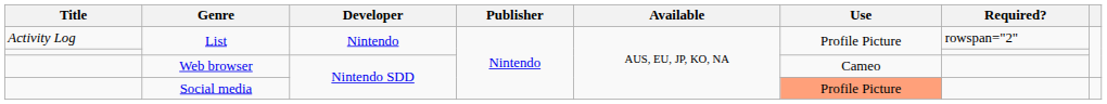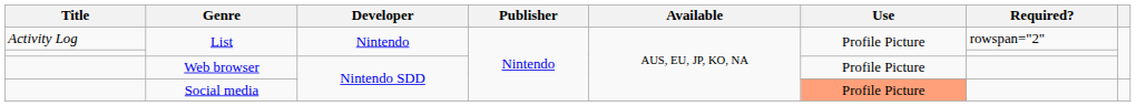 <table class="wikitable sortable" style="width:100%" id="wiiuapplist">
 <tr>
 <th>Title</th>
 <th>Genre</th>
 <th>Developer</th>
 <th>Publisher</th>
 <th>Available</th>
 <th>Use</th>
 <th>Required?</th>
 <th></th>
 </tr>
 <tr>
 <td><em>Activity Log</em></td>
 <td rowspan="2" align=center><a href='#'>List</a></td>
 <td rowspan="2" align=center><a href='#'>Nintendo</a></td>
 <td rowspan="4" align=center><a href='#'>Nintendo</a></td>
 <td rowspan="4" align=center><sup>AUS, EU, JP, KO, NA</sup></td>
 <td rowspan="2" align=center>Profile Picture</td>
 <td>rowspan="2" </td>
 </tr>
 <tr>
 <td></td>
 <td></td>
 </tr>
 <tr>
 <td></td>
 <td align=center><a href='#'>Web browser</a></td>
 <td rowspan="2" align=center><a href='#'>Nintendo SDD</a></td>
-<td align=center>Cameo</td>
+<td align=center>Profile Picture</td>
 <td></td>
 </tr>
 <tr>
 <td></td>
 <td align=center><a href='#'>Social media</a></td>
 <td align=center style="background: lightsalmon;">Profile Picture</td>
 <td></td>
 <td align="center"></td>
 </tr>
 </table>
